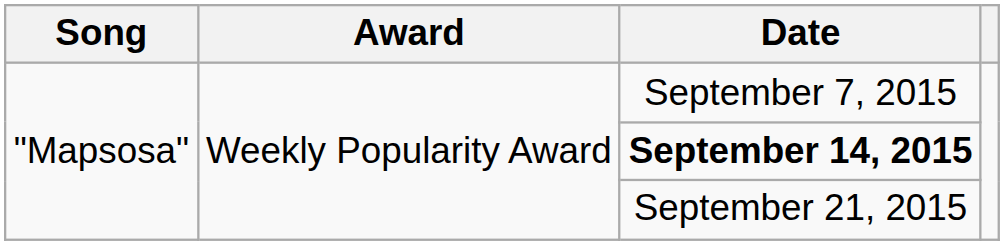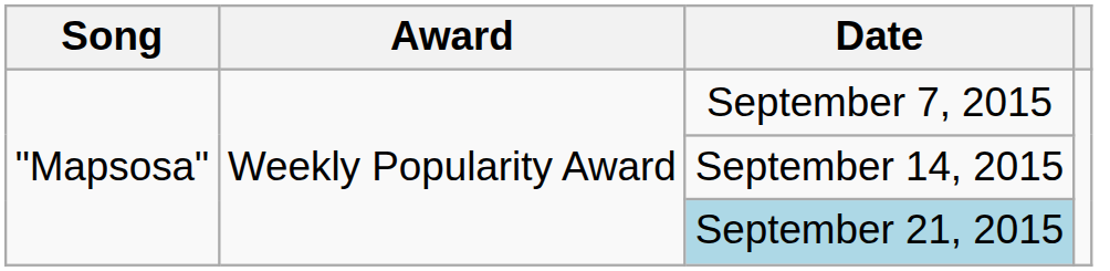 <table class="wikitable" style="table-layout: fixed; margin-right:0; text-align:center">
 <tr>
 <th>Song</th>
 <th>Award</th>
 <th>Date</th>
 <th></th>
 </tr>
 <tr>
 <td rowspan="3" align="center">"Mapsosa"</td>
 <td rowspan="3" align="center">Weekly Popularity Award</td>
 <td align="center">September 7, 2015</td>
 <td rowspan="3" align="center"></td>
 </tr>
 <tr>
-<td align="center"><strong>September 14, 2015</strong></td>
+<td align="center">September 14, 2015</td>
 </tr>
 <tr>
-<td align="center">September 21, 2015</td>
+<td align="center" style="background: lightblue;">September 21, 2015</td>
 </tr>
 </table>
